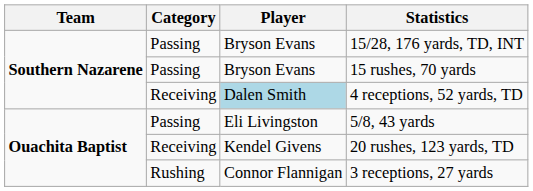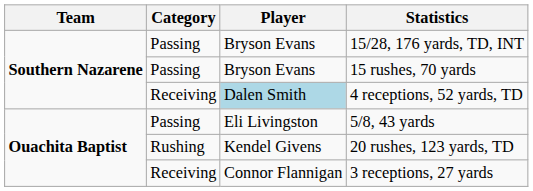 <table class="wikitable" style="float: right;">
 <tr>
 <th>Team</th>
 <th>Category</th>
 <th>Player</th>
 <th>Statistics</th>
 </tr>
 <tr>
 <td rowspan=3><strong>Southern Nazarene</strong></td>
 <td>Passing</td>
 <td>Bryson Evans</td>
 <td>15/28, 176 yards, TD, INT</td>
 </tr>
 <tr>
 <td>Passing</td>
 <td>Bryson Evans</td>
 <td>15 rushes, 70 yards</td>
 </tr>
 <tr>
 <td>Receiving</td>
 <td style="background: lightblue;">Dalen Smith</td>
 <td>4 receptions, 52 yards, TD</td>
 </tr>
 <tr>
 <td rowspan=3><strong>Ouachita Baptist</strong></td>
 <td>Passing</td>
 <td>Eli Livingston</td>
 <td>5/8, 43 yards</td>
 </tr>
 <tr>
-<td>Receiving</td>
+<td>Rushing</td>
 <td>Kendel Givens</td>
 <td>20 rushes, 123 yards, TD</td>
 </tr>
 <tr>
-<td>Rushing</td>
+<td>Receiving</td>
 <td>Connor Flannigan</td>
 <td>3 receptions, 27 yards</td>
 </tr>
 </table>
